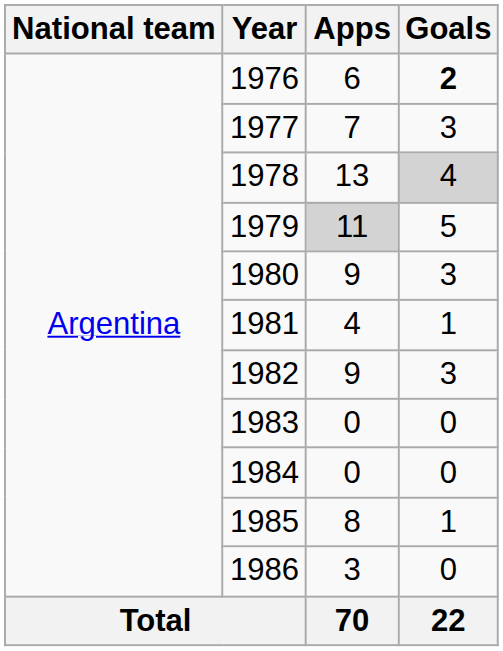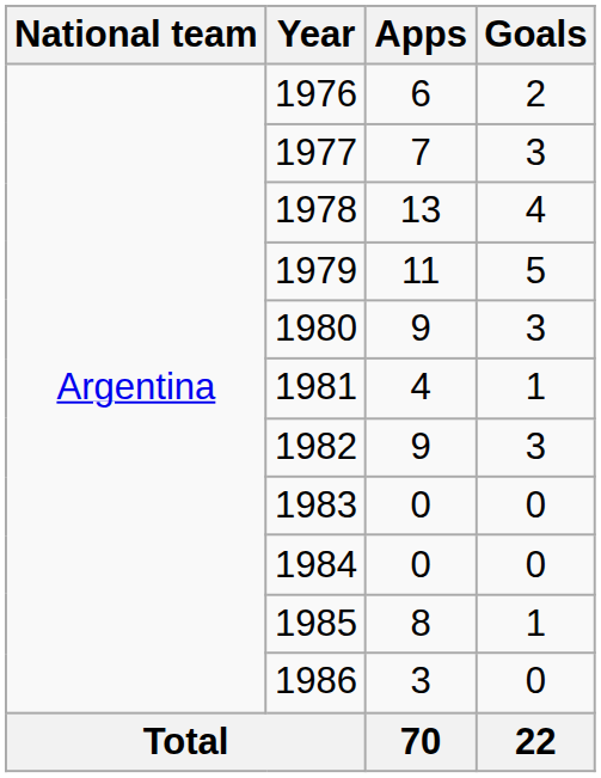 <table class="wikitable" style="text-align:center">
 <tr>
 <th>National team</th>
 <th>Year</th>
 <th>Apps</th>
 <th>Goals</th>
 </tr>
 <tr>
 <td rowspan="11"><a href='#'>Argentina</a></td>
 <td>1976</td>
 <td>6</td>
-<td><strong>2</strong></td>
+<td>2</td>
 </tr>
 <tr>
 <td>1977</td>
 <td>7</td>
 <td>3</td>
 </tr>
 <tr>
 <td>1978</td>
 <td>13</td>
-<td style="background: lightgrey;">4</td>
+<td>4</td>
 </tr>
 <tr>
 <td>1979</td>
-<td style="background: lightgrey;">11</td>
+<td>11</td>
 <td>5</td>
 </tr>
 <tr>
 <td>1980</td>
 <td>9</td>
 <td>3</td>
 </tr>
 <tr>
 <td>1981</td>
 <td>4</td>
 <td>1</td>
 </tr>
 <tr>
 <td>1982</td>
 <td>9</td>
 <td>3</td>
 </tr>
 <tr>
 <td>1983</td>
 <td>0</td>
 <td>0</td>
 </tr>
 <tr>
 <td>1984</td>
 <td>0</td>
 <td>0</td>
 </tr>
 <tr>
 <td>1985</td>
 <td>8</td>
 <td>1</td>
 </tr>
 <tr>
 <td>1986</td>
 <td>3</td>
 <td>0</td>
 </tr>
 <tr>
 <th colspan="2">Total</th>
 <th>70</th>
 <th>22</th>
 </tr>
 </table>
